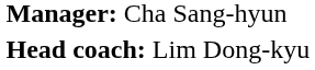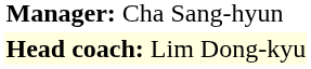 <table>
 <tr>
 <td><strong>Manager:</strong>  Cha Sang-hyun</td>
 </tr>
 <tr>
-<td><strong>Head coach:</strong>  Lim Dong-kyu</td>
+<td style="background: lightyellow;"><strong>Head coach:</strong>  Lim Dong-kyu</td>
 </tr>
 </table>
